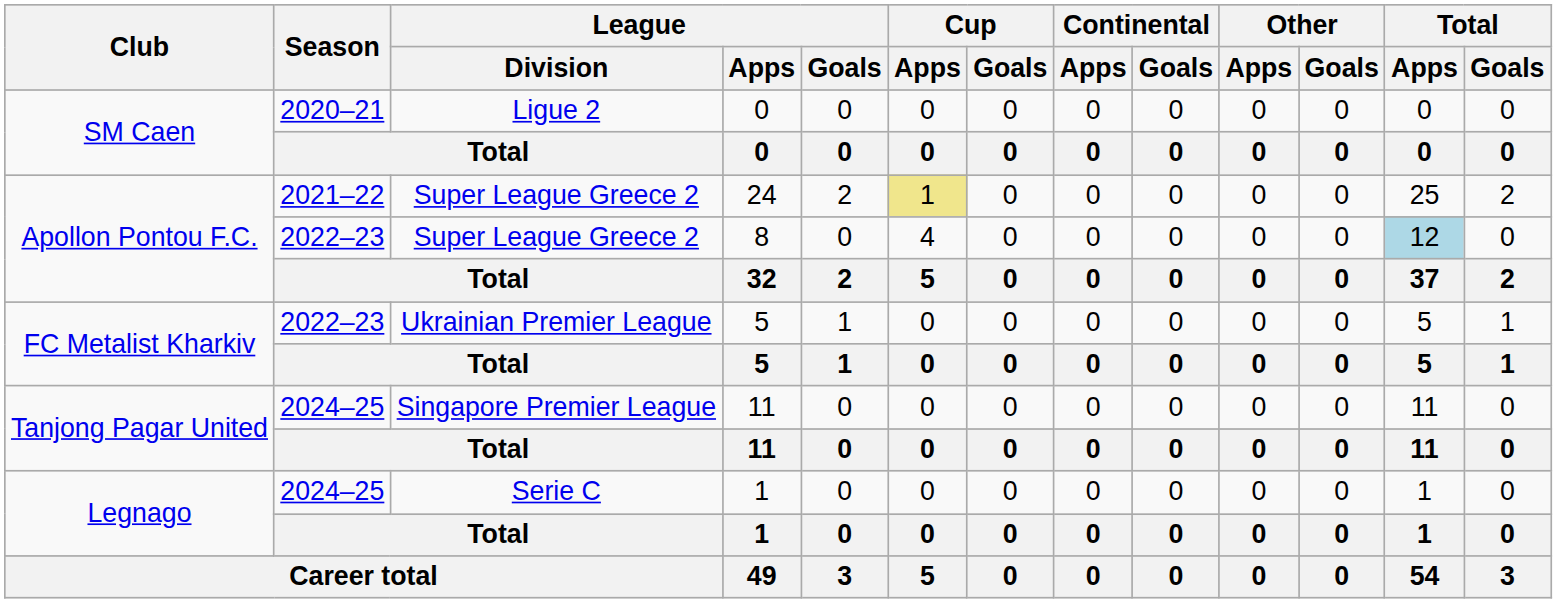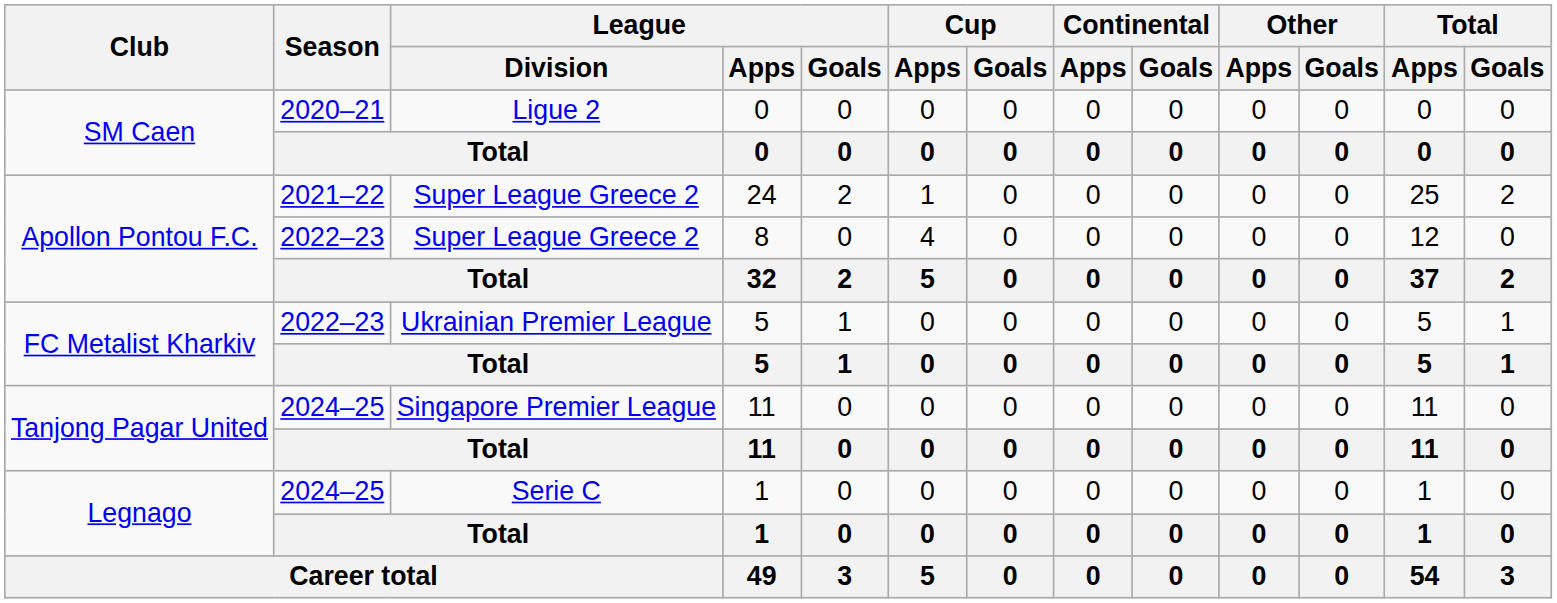 <table class="wikitable" style="text-align:center">
 <tr>
 <th rowspan=2>Club</th>
 <th rowspan=2>Season</th>
 <th colspan=3>League</th>
 <th colspan=2>Cup</th>
 <th colspan=2>Continental</th>
 <th colspan=2>Other</th>
 <th colspan=2>Total</th>
 </tr>
 <tr>
 <th>Division</th>
 <th>Apps</th>
 <th>Goals</th>
 <th>Apps</th>
 <th>Goals</th>
 <th>Apps</th>
 <th>Goals</th>
 <th>Apps</th>
 <th>Goals</th>
 <th>Apps</th>
 <th>Goals</th>
 </tr>
 <tr>
 <td rowspan=2><a href='#'>SM Caen</a></td>
 <td><a href='#'>2020–21</a></td>
 <td><a href='#'>Ligue 2</a></td>
 <td>0</td>
 <td>0</td>
 <td>0</td>
 <td>0</td>
 <td>0</td>
 <td>0</td>
 <td>0</td>
 <td>0</td>
 <td>0</td>
 <td>0</td>
 </tr>
 <tr>
 <th colspan="2">Total</th>
 <th>0</th>
 <th>0</th>
 <th>0</th>
 <th>0</th>
 <th>0</th>
 <th>0</th>
 <th>0</th>
 <th>0</th>
 <th>0</th>
 <th>0</th>
 </tr>
 <tr>
 <td rowspan=3><a href='#'>Apollon Pontou F.C.</a></td>
 <td><a href='#'>2021–22</a></td>
 <td><a href='#'>Super League Greece 2</a></td>
 <td>24</td>
 <td>2</td>
-<td style="background: khaki;">1</td>
+<td>1</td>
 <td>0</td>
 <td>0</td>
 <td>0</td>
 <td>0</td>
 <td>0</td>
 <td>25</td>
 <td>2</td>
 </tr>
 <tr>
 <td><a href='#'>2022–23</a></td>
 <td><a href='#'>Super League Greece 2</a></td>
 <td>8</td>
 <td>0</td>
 <td>4</td>
 <td>0</td>
 <td>0</td>
 <td>0</td>
 <td>0</td>
 <td>0</td>
-<td style="background: lightblue;">12</td>
+<td>12</td>
 <td>0</td>
 </tr>
 <tr>
 <th colspan="2">Total</th>
 <th>32</th>
 <th>2</th>
 <th>5</th>
 <th>0</th>
 <th>0</th>
 <th>0</th>
 <th>0</th>
 <th>0</th>
 <th>37</th>
 <th>2</th>
 </tr>
 <tr>
 <td rowspan=2><a href='#'>FC Metalist Kharkiv</a></td>
 <td><a href='#'>2022–23</a></td>
 <td><a href='#'>Ukrainian Premier League</a></td>
 <td>5</td>
 <td>1</td>
 <td>0</td>
 <td>0</td>
 <td>0</td>
 <td>0</td>
 <td>0</td>
 <td>0</td>
 <td>5</td>
 <td>1</td>
 </tr>
 <tr>
 <th colspan="2">Total</th>
 <th>5</th>
 <th>1</th>
 <th>0</th>
 <th>0</th>
 <th>0</th>
 <th>0</th>
 <th>0</th>
 <th>0</th>
 <th>5</th>
 <th>1</th>
 </tr>
 <tr>
 <td rowspan=2><a href='#'>Tanjong Pagar United</a></td>
 <td><a href='#'>2024–25</a></td>
 <td><a href='#'>Singapore Premier League</a></td>
 <td>11</td>
 <td>0</td>
 <td>0</td>
 <td>0</td>
 <td>0</td>
 <td>0</td>
 <td>0</td>
 <td>0</td>
 <td>11</td>
 <td>0</td>
 </tr>
 <tr>
 <th colspan="2">Total</th>
 <th>11</th>
 <th>0</th>
 <th>0</th>
 <th>0</th>
 <th>0</th>
 <th>0</th>
 <th>0</th>
 <th>0</th>
 <th>11</th>
 <th>0</th>
 </tr>
 <tr>
 <td rowspan=2><a href='#'>Legnago</a></td>
 <td><a href='#'>2024–25</a></td>
 <td><a href='#'>Serie C</a></td>
 <td>1</td>
 <td>0</td>
 <td>0</td>
 <td>0</td>
 <td>0</td>
 <td>0</td>
 <td>0</td>
 <td>0</td>
 <td>1</td>
 <td>0</td>
 </tr>
 <tr>
 <th colspan="2">Total</th>
 <th>1</th>
 <th>0</th>
 <th>0</th>
 <th>0</th>
 <th>0</th>
 <th>0</th>
 <th>0</th>
 <th>0</th>
 <th>1</th>
 <th>0</th>
 </tr>
 <tr>
 <th colspan="3">Career total</th>
 <th>49</th>
 <th>3</th>
 <th>5</th>
 <th>0</th>
 <th>0</th>
 <th>0</th>
 <th>0</th>
 <th>0</th>
 <th>54</th>
 <th>3</th>
 </tr>
 </table>
